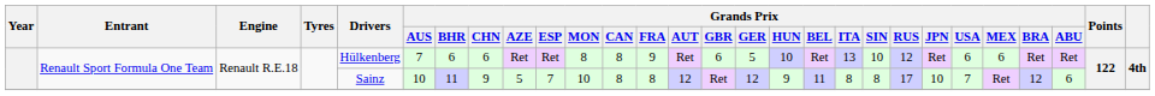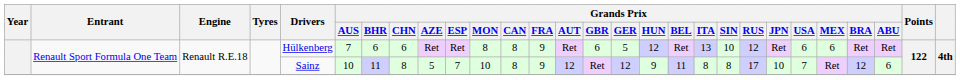 <table class="wikitable" style="text-align:center; font-size:90%">
 <tr>
 <th rowspan="2">Year</th>
 <th rowspan="2">Entrant</th>
 <th rowspan="2">Engine</th>
 <th rowspan="2">Tyres</th>
 <th rowspan="2">Drivers</th>
 <th colspan="21">Grands Prix</th>
 <th rowspan="2">Points</th>
 <th rowspan="2"></th>
 </tr>
 <tr>
 <th><a href='#'>AUS</a></th>
 <th><a href='#'>BHR</a></th>
 <th><a href='#'>CHN</a></th>
 <th><a href='#'>AZE</a></th>
 <th><a href='#'>ESP</a></th>
 <th><a href='#'>MON</a></th>
 <th><a href='#'>CAN</a></th>
 <th><a href='#'>FRA</a></th>
 <th><a href='#'>AUT</a></th>
 <th><a href='#'>GBR</a></th>
 <th><a href='#'>GER</a></th>
 <th><a href='#'>HUN</a></th>
 <th><a href='#'>BEL</a></th>
 <th><a href='#'>ITA</a></th>
 <th><a href='#'>SIN</a></th>
 <th><a href='#'>RUS</a></th>
 <th><a href='#'>JPN</a></th>
 <th><a href='#'>USA</a></th>
 <th><a href='#'>MEX</a></th>
 <th><a href='#'>BRA</a></th>
 <th><a href='#'>ABU</a></th>
 </tr>
 <tr>
 <th rowspan="2"></th>
 <td rowspan="2"><a href='#'>Renault Sport Formula One Team</a></td>
 <td rowspan="2">Renault R.E.18</td>
 <td rowspan="2"></td>
 <td><a href='#'>Hülkenberg</a></td>
 <td style="background-color:#dfffdf">7</td>
 <td style="background-color:#dfffdf">6</td>
 <td style="background-color:#dfffdf">6</td>
 <td style="background-color:#efcfff">Ret</td>
 <td style="background-color:#efcfff">Ret</td>
 <td style="background-color:#dfffdf">8</td>
 <td style="background-color:#dfffdf">8</td>
 <td style="background-color:#dfffdf">9</td>
 <td style="background-color:#efcfff">Ret</td>
 <td style="background-color:#dfffdf">6</td>
 <td style="background-color:#dfffdf">5</td>
-<td style="background-color:#cfcfff">10</td>
+<td style="background-color:#cfcfff">12</td>
 <td style="background-color:#efcfff">Ret</td>
 <td style="background-color:#cfcfff">13</td>
 <td style="background-color:#dfffdf">10</td>
 <td style="background-color:#cfcfff">12</td>
 <td style="background-color:#efcfff">Ret</td>
 <td style="background-color:#dfffdf">6</td>
 <td style="background-color:#dfffdf">6</td>
 <td style="background-color:#efcfff">Ret</td>
 <td style="background-color:#efcfff">Ret</td>
 <th rowspan="2">122</th>
 <th rowspan="2">4th</th>
 </tr>
 <tr>
 <td><a href='#'>Sainz</a></td>
 <td style="background-color:#dfffdf">10</td>
 <td style="background-color:#cfcfff">11</td>
-<td style="background-color:#dfffdf">9</td>
+<td style="background-color:#dfffdf">8</td>
 <td style="background-color:#dfffdf">5</td>
 <td style="background-color:#dfffdf">7</td>
 <td style="background-color:#dfffdf">10</td>
 <td style="background-color:#dfffdf">8</td>
-<td style="background-color:#dfffdf">8</td>
+<td style="background-color:#dfffdf">9</td>
 <td style="background-color:#cfcfff">12</td>
 <td style="background-color:#efcfff">Ret</td>
 <td style="background-color:#cfcfff">12</td>
 <td style="background-color:#dfffdf">9</td>
 <td style="background-color:#cfcfff">11</td>
 <td style="background-color:#dfffdf">8</td>
 <td style="background-color:#dfffdf">8</td>
 <td style="background-color:#cfcfff">17</td>
 <td style="background-color:#dfffdf">10</td>
 <td style="background-color:#dfffdf">7</td>
 <td style="background-color:#efcfff">Ret</td>
 <td style="background-color:#cfcfff">12</td>
 <td style="background-color:#dfffdf">6</td>
 </tr>
 <tr>
 </tr>
 </table>
